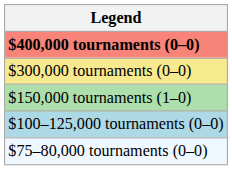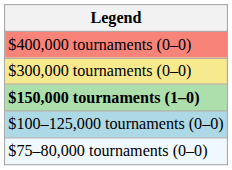 <table class=wikitable style="font-size:90%">
 <tr>
 <th>Legend</th>
 </tr>
 <tr style="background:#f88379;">
-<td><strong>$400,000 tournaments (0–0)</strong></td>
+<td>$400,000 tournaments (0–0)</td>
 </tr>
 <tr style="background:#f7e98e;">
 <td>$300,000 tournaments (0–0)</td>
 </tr>
 <tr style="background:#addfad;">
-<td>$150,000 tournaments (1–0)</td>
+<td><strong>$150,000 tournaments (1–0)</strong></td>
 </tr>
 <tr style="background:lightblue;">
 <td>$100–125,000 tournaments (0–0)</td>
 </tr>
 <tr style="background:#f0f8ff;">
 <td>$75–80,000 tournaments (0–0)</td>
 </tr>
 </table>
